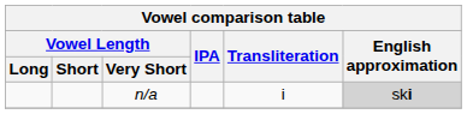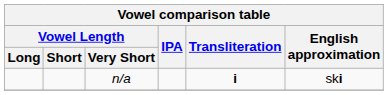 <table class="wikitable">
 <tr>
 <th ! colspan=6>Vowel comparison table</th>
 </tr>
 <tr align=center>
 <th ! colspan=3><a href='#'>Vowel Length</a></th>
 <th ! rowspan=2><a href='#'>IPA</a></th>
 <th ! rowspan=2><a href='#'>Transliteration</a></th>
 <th ! rowspan=2>English<br>approximation</th>
 </tr>
 <tr>
 <th>Long</th>
 <th>Short</th>
 <th>Very Short</th>
 </tr>
 <tr align=center>
 <td style="font-size:26px"></td>
 <td style="font-size:26px"></td>
 <td><em>n/a</em></td>
 <td></td>
-<td>i</td>
-<td style="background: lightgrey;">sk<strong>i</strong></td>
+<td><strong>i</strong></td>
+<td>sk<strong>i</strong></td>
 </tr>
 <tr>
 </tr>
 </table>
